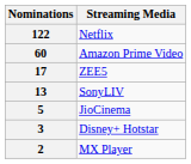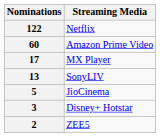 <table class="wikitable" style="display:inline-table;">
 <tr>
 <th>Nominations</th>
 <th>Streaming Media</th>
 </tr>
 <tr>
 <th>122</th>
 <td><a href='#'>Netflix</a></td>
 </tr>
 <tr>
 <th>60</th>
 <td><a href='#'>Amazon Prime Video</a></td>
 </tr>
 <tr>
 <th>17</th>
-<td><a href='#'>ZEE5</a></td>
+<td><a href='#'>MX Player</a></td>
 </tr>
 <tr>
 <th>13</th>
 <td><a href='#'>SonyLIV</a></td>
 </tr>
 <tr>
 <th>5</th>
 <td><a href='#'>JioCinema</a></td>
 </tr>
 <tr>
 <th>3</th>
 <td><a href='#'>Disney+ Hotstar</a></td>
 </tr>
 <tr>
 <th>2</th>
-<td><a href='#'>MX Player</a></td>
+<td><a href='#'>ZEE5</a></td>
 </tr>
 </table>
